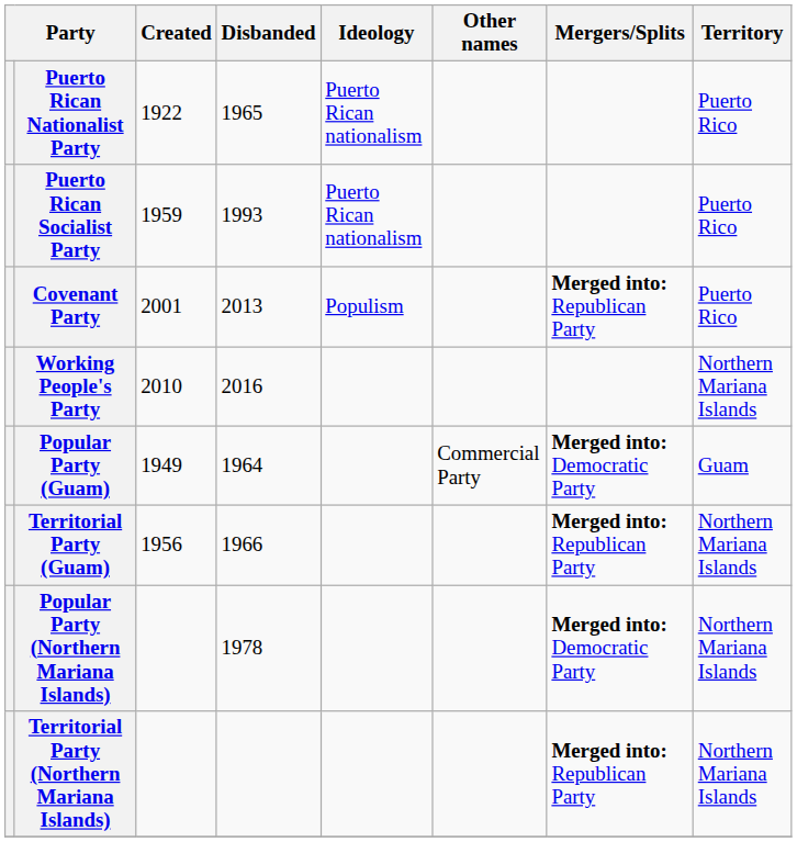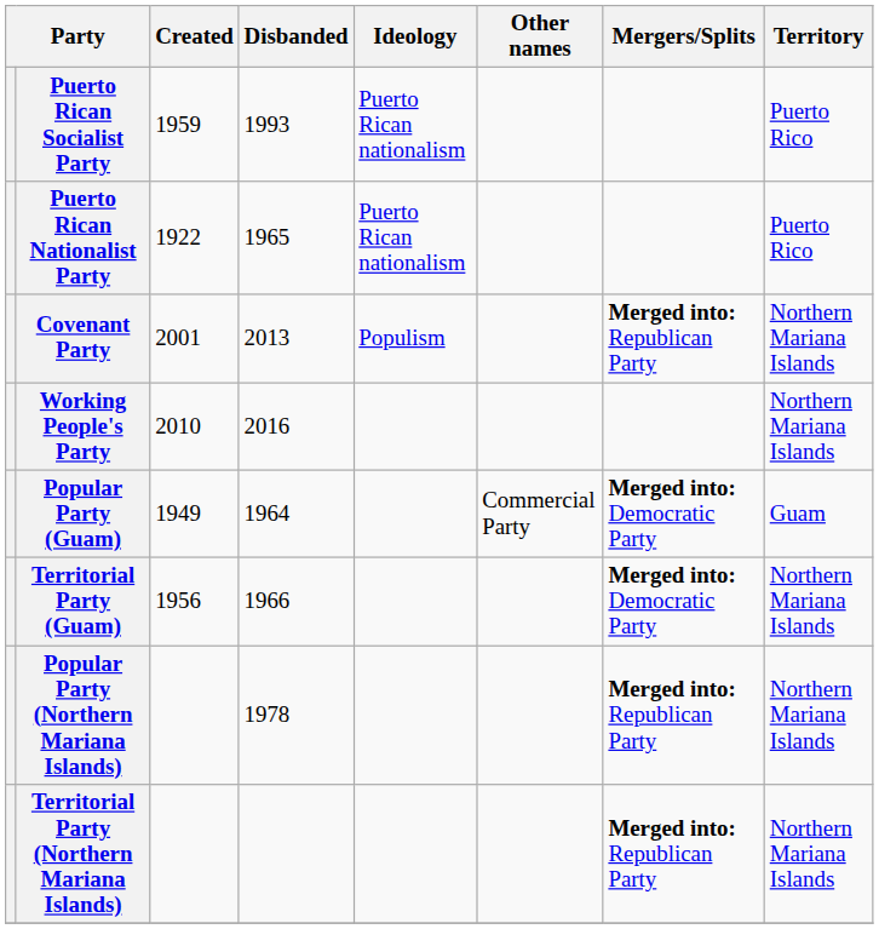 <table class="wikitable sortable plainrowheaders">
 <tr>
 <th scope="col" colspan="2">Party</th>
 <th scope="col">Created</th>
 <th scope="col">Disbanded</th>
 <th scope="col">Ideology</th>
 <th scope="col">Other names</th>
 <th scope="col">Mergers/Splits</th>
 <th scope="col">Territory</th>
+</tr>
+<tr>
+<th style="background-color:"></th>
+<th scope="row"><a href='#'>Puerto Rican Socialist Party</a></th>
+<td>1959</td>
+<td>1993</td>
+<td><a href='#'>Puerto Rican nationalism</a></td>
+<td></td>
+<td></td>
+<td><a href='#'>Puerto Rico</a></td>
 </tr>
 <tr>
 <th style="background-color:"></th>
 <th scope="row"><a href='#'>Puerto Rican Nationalist Party</a></th>
 <td>1922</td>
 <td>1965</td>
 <td><a href='#'>Puerto Rican nationalism</a></td>
 <td></td>
 <td></td>
 <td><a href='#'>Puerto Rico</a></td>
 </tr>
 <tr>
 <th style="background-color:"></th>
-<th scope="row"><a href='#'>Puerto Rican Socialist Party</a></th>
-<td>1959</td>
-<td>1993</td>
-<td><a href='#'>Puerto Rican nationalism</a></td>
-<td></td>
-<td></td>
-<td><a href='#'>Puerto Rico</a></td>
-</tr>
-<tr>
-<th style="background-color:"></th>
 <th scope="row"><a href='#'>Covenant Party</a></th>
 <td>2001</td>
 <td>2013</td>
 <td><a href='#'>Populism</a></td>
 <td></td>
 <td><strong>Merged into:</strong> <a href='#'>Republican Party</a></td>
-<td><a href='#'>Puerto Rico</a></td>
+<td><a href='#'>Northern Mariana Islands</a></td>
 </tr>
 <tr>
 <th style="background-color:"></th>
 <th scope="row"><a href='#'>Working People's Party</a></th>
 <td>2010</td>
 <td>2016</td>
 <td></td>
 <td></td>
 <td></td>
 <td><a href='#'>Northern Mariana Islands</a></td>
 </tr>
 <tr>
 <th style="background-color:"></th>
 <th scope="row"><a href='#'>Popular Party (Guam)</a></th>
 <td>1949</td>
 <td>1964</td>
 <td></td>
 <td>Commercial Party</td>
 <td><strong>Merged into:</strong> <a href='#'>Democratic Party</a></td>
 <td><a href='#'>Guam</a></td>
 </tr>
 <tr>
 <th style="background-color:"></th>
 <th scope="row"><a href='#'>Territorial Party (Guam)</a></th>
 <td>1956</td>
 <td>1966</td>
 <td></td>
 <td></td>
-<td><strong>Merged into:</strong> <a href='#'>Republican Party</a></td>
+<td><strong>Merged into:</strong> <a href='#'>Democratic Party</a></td>
 <td><a href='#'>Northern Mariana Islands</a></td>
 </tr>
 <tr>
 <th style="background-color:"></th>
 <th scope="row"><a href='#'>Popular Party (Northern Mariana Islands)</a></th>
 <td></td>
 <td>1978</td>
 <td></td>
 <td></td>
-<td><strong>Merged into:</strong> <a href='#'>Democratic Party</a></td>
+<td><strong>Merged into:</strong> <a href='#'>Republican Party</a></td>
 <td><a href='#'>Northern Mariana Islands</a></td>
 </tr>
 <tr>
 <th style="background-color:"></th>
 <th scope="row"><a href='#'>Territorial Party (Northern Mariana Islands)</a></th>
 <td></td>
 <td></td>
 <td></td>
 <td></td>
 <td><strong>Merged into:</strong> <a href='#'>Republican Party</a></td>
 <td><a href='#'>Northern Mariana Islands</a></td>
 </tr>
 <tr>
 </tr>
 </table>
